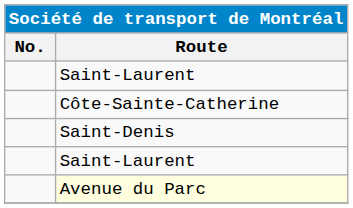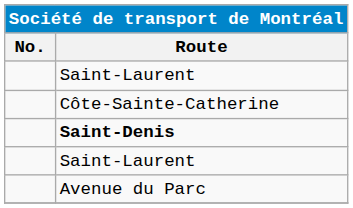 <table align=center class="wikitable">
 <tr>
 <th style="background: #0085CA; font-size:100%; color:#FFFFFF;"colspan="4">Société de transport de Montréal</th>
 </tr>
 <tr>
 <th>No.</th>
 <th>Route</th>
 </tr>
 <tr>
 <td {{Avoid wrap> </td>
 <td>Saint-Laurent</td>
 </tr>
 <tr>
 <td></td>
 <td>Côte-Sainte-Catherine</td>
 </tr>
 <tr>
 <td {{Avoid wrap> </td>
-<td>Saint-Denis</td>
+<td><strong>Saint-Denis</strong></td>
 </tr>
 <tr>
 <td {{Avoid wrap> </td>
 <td>Saint-Laurent</td>
 </tr>
 <tr>
 <td {{Avoid wrap> </td>
-<td style="background: lightyellow;">Avenue du Parc</td>
+<td>Avenue du Parc</td>
 </tr>
 <tr>
 </tr>
 </table>
